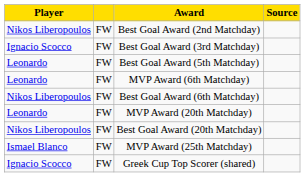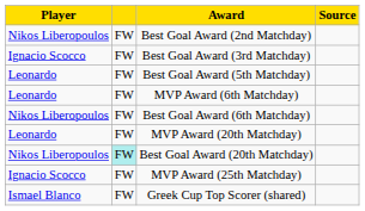 <table class="wikitable">
 <tr>
 <th style="background:#FFDE00">Player</th>
 <th style="background:#FFDE00"></th>
 <th style="background:#FFDE00">Award</th>
 <th style="background:#FFDE00">Source</th>
 </tr>
 <tr>
 <td> <a href='#'>Nikos Liberopoulos</a></td>
 <td align="center">FW</td>
 <td align="center">Best Goal Award (2nd Matchday)</td>
 <td align="center"></td>
 </tr>
 <tr>
 <td> <a href='#'>Ignacio Scocco</a></td>
 <td align="center">FW</td>
 <td align="center">Best Goal Award (3rd Matchday)</td>
 <td align="center"></td>
 </tr>
 <tr>
 <td> <a href='#'>Leonardo</a></td>
 <td align="center">FW</td>
 <td align="center">Best Goal Award (5th Matchday)</td>
 <td align="center"></td>
 </tr>
 <tr>
 <td> <a href='#'>Leonardo</a></td>
 <td align="center">FW</td>
 <td align="center">MVP Award (6th Matchday)</td>
 <td align="center"></td>
 </tr>
 <tr>
 <td> <a href='#'>Nikos Liberopoulos</a></td>
 <td align="center">FW</td>
 <td align="center">Best Goal Award (6th Matchday)</td>
 <td align="center"></td>
 </tr>
 <tr>
 <td> <a href='#'>Leonardo</a></td>
 <td align="center">FW</td>
 <td align="center">MVP Award (20th Matchday)</td>
 <td align="center"></td>
 </tr>
 <tr>
 <td> <a href='#'>Nikos Liberopoulos</a></td>
+<td align="center" style="background: paleturquoise;">FW</td>
+<td align="center">Best Goal Award (20th Matchday)</td>
+<td align="center"></td>
+</tr>
+<tr>
+<td> <a href='#'>Ignacio Scocco</a></td>
 <td align="center">FW</td>
-<td align="center">Best Goal Award (20th Matchday)</td>
+<td align="center">MVP Award (25th Matchday)</td>
 <td align="center"></td>
 </tr>
 <tr>
 <td> <a href='#'>Ismael Blanco</a></td>
 <td align="center">FW</td>
-<td align="center">MVP Award (25th Matchday)</td>
-<td align="center"></td>
-</tr>
-<tr>
-<td> <a href='#'>Ignacio Scocco</a></td>
-<td align="center">FW</td>
 <td align="center">Greek Cup Top Scorer (shared)</td>
 <td align="center"></td>
 </tr>
 </table>
